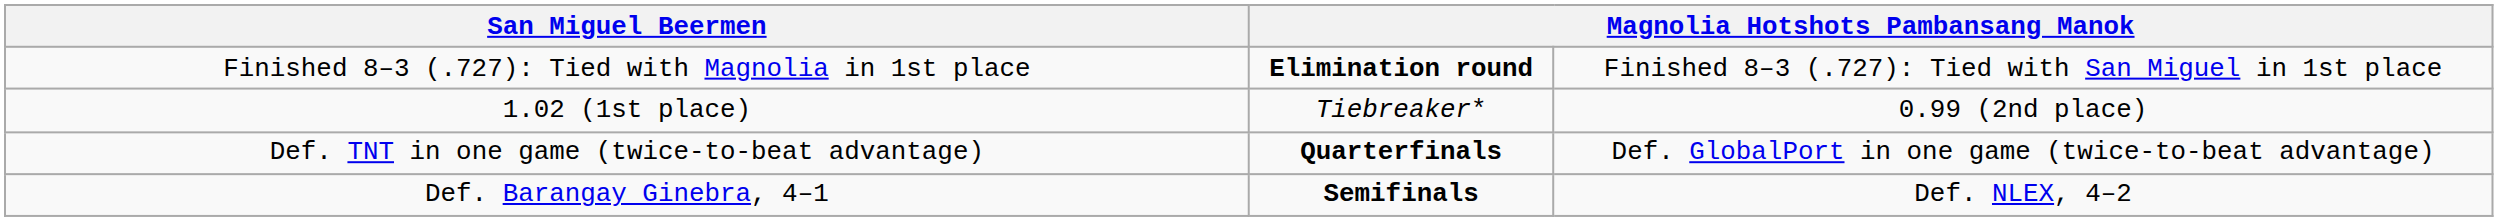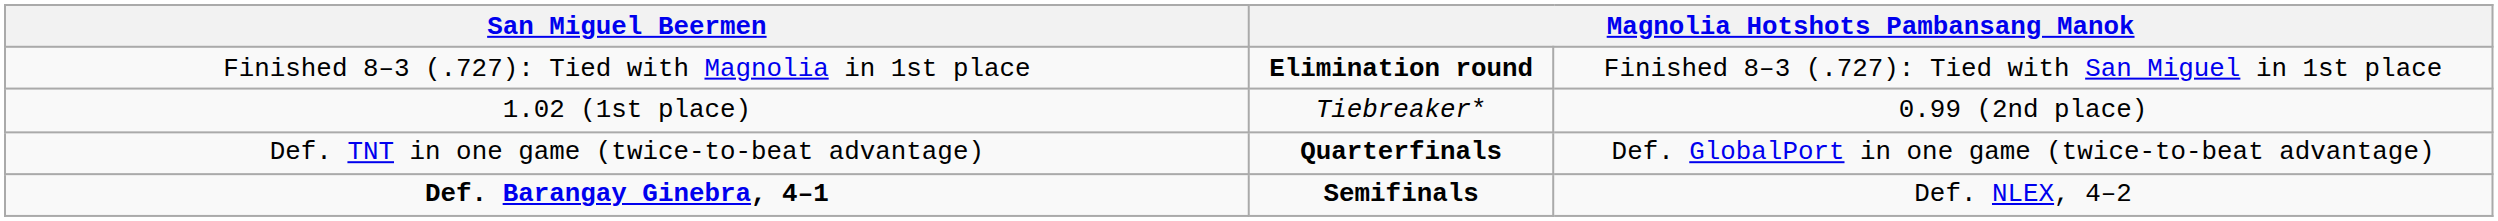 <table class=wikitable style="text-align:center">
 <tr>
 <th colspan=2 width=45%><a href='#'>San Miguel Beermen</a></th>
 <th colspan=2 width=45%><a href='#'>Magnolia Hotshots Pambansang Manok</a></th>
 </tr>
 <tr>
 <td>Finished 8–3 (.727): Tied with <a href='#'>Magnolia</a> in 1st place</td>
 <td colspan=2><strong>Elimination round</strong></td>
 <td>Finished 8–3 (.727): Tied with <a href='#'>San Miguel</a> in 1st place</td>
 </tr>
 <tr>
 <td>1.02 (1st place)</td>
 <td colspan=2><em>Tiebreaker</em>*</td>
 <td>0.99 (2nd place)</td>
 </tr>
 <tr>
 <td>Def. <a href='#'>TNT</a> in one game (twice-to-beat advantage)</td>
 <td colspan=2><strong>Quarterfinals</strong></td>
 <td>Def. <a href='#'>GlobalPort</a> in one game (twice-to-beat advantage)</td>
 </tr>
 <tr>
-<td>Def. <a href='#'>Barangay Ginebra</a>, 4–1</td>
+<td><strong>Def. <a href='#'>Barangay Ginebra</a>, 4–1</strong></td>
 <td colspan=2><strong>Semifinals</strong></td>
 <td>Def. <a href='#'>NLEX</a>, 4–2</td>
 </tr>
 </table>
